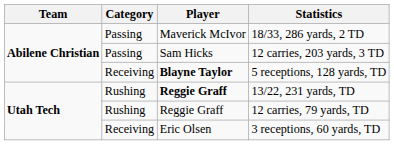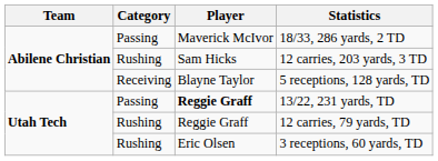 <table class="wikitable" style="float: right;">
 <tr>
 <th>Team</th>
 <th>Category</th>
 <th>Player</th>
 <th>Statistics</th>
 </tr>
 <tr>
 <td rowspan=3><strong>Abilene Christian</strong></td>
 <td>Passing</td>
 <td>Maverick McIvor</td>
 <td>18/33, 286 yards, 2 TD</td>
 </tr>
 <tr>
-<td>Passing</td>
+<td>Rushing</td>
 <td>Sam Hicks</td>
 <td>12 carries, 203 yards, 3 TD</td>
 </tr>
 <tr>
 <td>Receiving</td>
-<td><strong>Blayne Taylor</strong></td>
+<td>Blayne Taylor</td>
 <td>5 receptions, 128 yards, TD</td>
 </tr>
 <tr>
 <td rowspan=3><strong>Utah Tech</strong></td>
-<td>Rushing</td>
+<td>Passing</td>
 <td><strong>Reggie Graff</strong></td>
 <td>13/22, 231 yards, TD</td>
 </tr>
 <tr>
 <td>Rushing</td>
 <td>Reggie Graff</td>
 <td>12 carries, 79 yards, TD</td>
 </tr>
 <tr>
-<td>Receiving</td>
+<td>Rushing</td>
 <td>Eric Olsen</td>
 <td>3 receptions, 60 yards, TD</td>
 </tr>
 </table>
